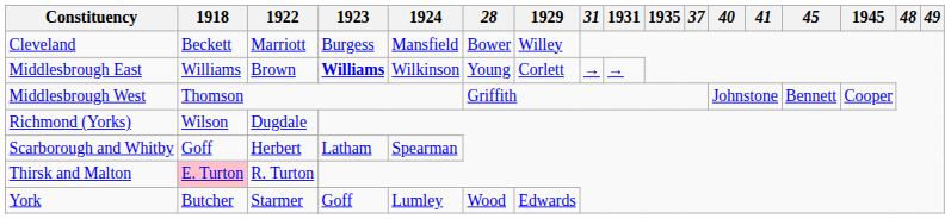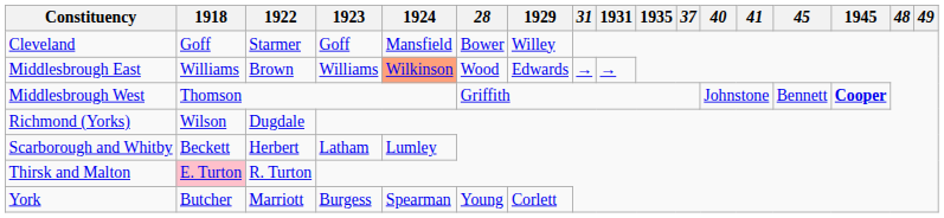 <table class="wikitable">
 <tr>
 <th>Constituency</th>
 <th>1918</th>
 <th>1922</th>
 <th>1923</th>
 <th>1924</th>
 <th><em>28</em></th>
 <th>1929</th>
 <th><em>31</em></th>
 <th>1931</th>
 <th>1935</th>
 <th><em>37</em></th>
 <th><em>40</em></th>
 <th><em>41</em></th>
 <th><em>45</em></th>
 <th>1945</th>
 <th><em>48</em></th>
 <th><em>49</em></th>
 </tr>
 <tr>
 <td><a href='#'>Cleveland</a></td>
-<td><a href='#'>Beckett</a></td>
-<td><a href='#'>Marriott</a></td>
-<td><a href='#'>Burgess</a></td>
+<td><a href='#'>Goff</a></td>
+<td><a href='#'>Starmer</a></td>
+<td><a href='#'>Goff</a></td>
 <td><a href='#'>Mansfield</a></td>
 <td><a href='#'>Bower</a></td>
 <td><a href='#'>Willey</a></td>
 </tr>
 <tr>
 <td><a href='#'>Middlesbrough East</a></td>
 <td><a href='#'>Williams</a></td>
 <td><a href='#'>Brown</a></td>
-<td><strong><a href='#'>Williams</a></strong></td>
-<td><a href='#'>Wilkinson</a></td>
-<td><a href='#'>Young</a></td>
-<td><a href='#'>Corlett</a></td>
+<td><a href='#'>Williams</a></td>
+<td style="background: lightsalmon;"><a href='#'>Wilkinson</a></td>
+<td><a href='#'>Wood</a></td>
+<td><a href='#'>Edwards</a></td>
 <td><a href='#'>→</a></td>
 <td><a href='#'>→</a></td>
 </tr>
 <tr>
 <td><a href='#'>Middlesbrough West</a></td>
 <td colspan="4"><a href='#'>Thomson</a></td>
 <td colspan="6"><a href='#'>Griffith</a></td>
 <td colspan="2"><a href='#'>Johnstone</a></td>
 <td><a href='#'>Bennett</a></td>
-<td><a href='#'>Cooper</a></td>
+<td><strong><a href='#'>Cooper</a></strong></td>
 </tr>
 <tr>
 <td><a href='#'>Richmond (Yorks)</a></td>
 <td><a href='#'>Wilson</a></td>
 <td><a href='#'>Dugdale</a></td>
 </tr>
 <tr>
 <td><a href='#'>Scarborough and Whitby</a></td>
-<td><a href='#'>Goff</a></td>
+<td><a href='#'>Beckett</a></td>
 <td><a href='#'>Herbert</a></td>
 <td><a href='#'>Latham</a></td>
-<td><a href='#'>Spearman</a></td>
+<td><a href='#'>Lumley</a></td>
 </tr>
 <tr>
 <td><a href='#'>Thirsk and Malton</a></td>
 <td style="background: pink;"><a href='#'>E. Turton</a></td>
 <td><a href='#'>R. Turton</a></td>
 </tr>
 <tr>
 <td><a href='#'>York</a></td>
 <td><a href='#'>Butcher</a></td>
-<td><a href='#'>Starmer</a></td>
-<td><a href='#'>Goff</a></td>
-<td><a href='#'>Lumley</a></td>
-<td><a href='#'>Wood</a></td>
-<td><a href='#'>Edwards</a></td>
+<td><a href='#'>Marriott</a></td>
+<td><a href='#'>Burgess</a></td>
+<td><a href='#'>Spearman</a></td>
+<td><a href='#'>Young</a></td>
+<td><a href='#'>Corlett</a></td>
 </tr>
 </table>
